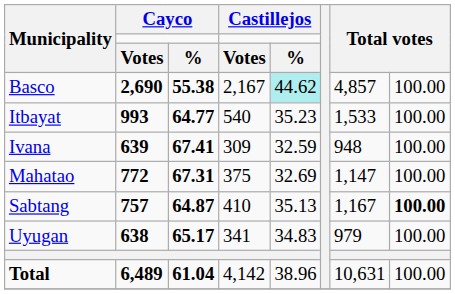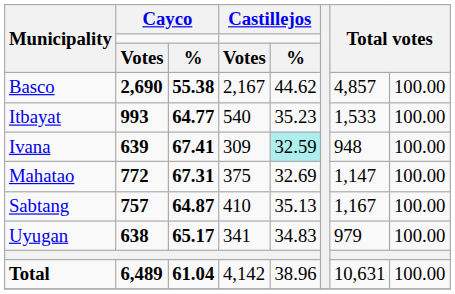 <table class="wikitable" style="text-align=center">
 <tr>
 <th rowspan="3">Municipality</th>
 <th colspan="2"><a href='#'>Cayco</a></th>
 <th colspan="2"><a href='#'>Castillejos</a></th>
 <th rowspan="11"></th>
 <th colspan="3" rowspan="3">Total votes</th>
 </tr>
 <tr>
 <td colspan="2" style="background:"></td>
 <td colspan="2" style="background:"></td>
 </tr>
 <tr>
 <th>Votes</th>
 <th>%</th>
 <th>Votes</th>
 <th>%</th>
 </tr>
 <tr>
 <td align="left"><a href='#'>Basco</a></td>
 <td style="background:"><strong>2,690</strong></td>
 <td style="background:"><strong>55.38</strong></td>
 <td>2,167</td>
-<td style="background: paleturquoise;">44.62</td>
+<td>44.62</td>
 <td>4,857</td>
 <td>100.00</td>
 </tr>
 <tr>
 <td align="left"><a href='#'>Itbayat</a></td>
 <td style="background:"><strong>993</strong></td>
 <td style="background:"><strong>64.77</strong></td>
 <td>540</td>
 <td>35.23</td>
 <td>1,533</td>
 <td>100.00</td>
 </tr>
 <tr>
 <td align="left"><a href='#'>Ivana</a></td>
 <td style="background:"><strong>639</strong></td>
 <td style="background:"><strong>67.41</strong></td>
 <td>309</td>
-<td>32.59</td>
+<td style="background: paleturquoise;">32.59</td>
 <td>948</td>
 <td>100.00</td>
 </tr>
 <tr>
 <td align="left"><a href='#'>Mahatao</a></td>
 <td style="background:"><strong>772</strong></td>
 <td style="background:"><strong>67.31</strong></td>
 <td>375</td>
 <td>32.69</td>
 <td>1,147</td>
 <td>100.00</td>
 </tr>
 <tr>
 <td align="left"><a href='#'>Sabtang</a></td>
 <td style="background:"><strong>757</strong></td>
 <td style="background:"><strong>64.87</strong></td>
 <td>410</td>
 <td>35.13</td>
 <td>1,167</td>
-<td><strong>100.00</strong></td>
+<td>100.00</td>
 </tr>
 <tr>
 <td align="left"><a href='#'>Uyugan</a></td>
 <td style="background:"><strong>638</strong></td>
 <td style="background:"><strong>65.17</strong></td>
 <td>341</td>
 <td>34.83</td>
 <td>979</td>
 <td>100.00</td>
 </tr>
 <tr>
 <th colspan="5"></th>
 <th colspan="2"></th>
 </tr>
 <tr>
 <td align="left"><strong>Total</strong></td>
 <td style="background:"><strong>6,489</strong></td>
 <td style="background:"><strong>61.04</strong></td>
 <td>4,142</td>
 <td>38.96</td>
 <td>10,631</td>
 <td>100.00</td>
 </tr>
 <tr>
 </tr>
 </table>
